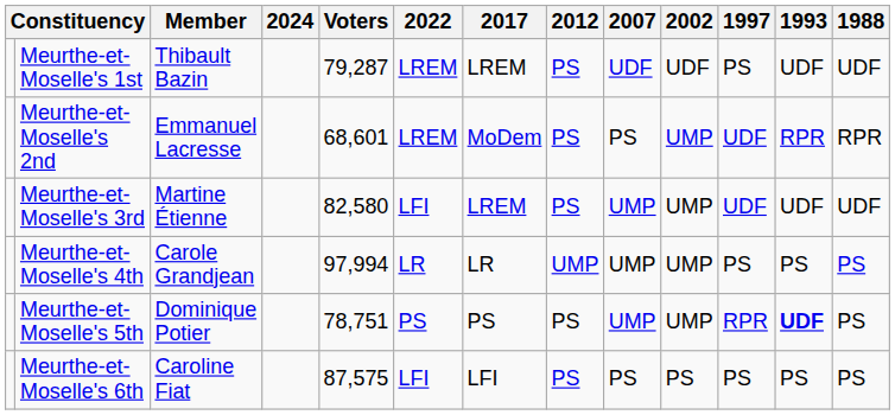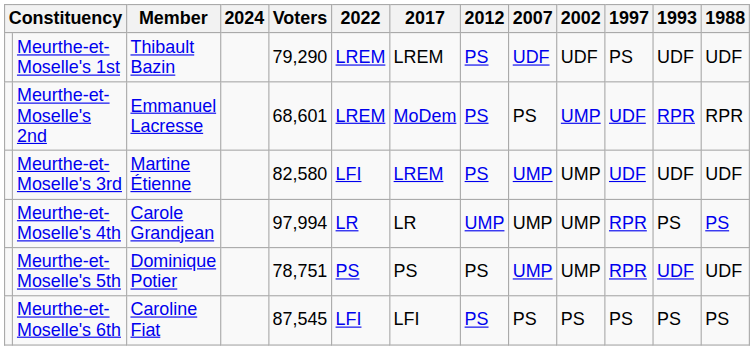 <table class="wikitable sortable">
 <tr>
 <th colspan="2">Constituency</th>
 <th>Member</th>
 <th>2024</th>
 <th>Voters</th>
 <th>2022</th>
 <th>2017</th>
 <th>2012</th>
 <th>2007</th>
 <th>2002</th>
 <th>1997</th>
 <th>1993</th>
 <th>1988</th>
 </tr>
 <tr>
 <td style="background-color: "></td>
 <td><a href='#'>Meurthe-et-Moselle's 1st</a></td>
 <td><a href='#'>Thibault Bazin</a></td>
 <td></td>
-<td>79,287</td>
+<td>79,290</td>
 <td><a href='#'>LREM</a></td>
 <td>LREM</td>
 <td><a href='#'>PS</a></td>
 <td><a href='#'>UDF</a></td>
 <td>UDF</td>
 <td>PS</td>
 <td>UDF</td>
 <td>UDF</td>
 </tr>
 <tr>
 <td style="background-color: "></td>
 <td><a href='#'>Meurthe-et-Moselle's 2nd</a></td>
 <td><a href='#'>Emmanuel Lacresse</a></td>
 <td></td>
 <td>68,601</td>
 <td><a href='#'>LREM</a></td>
 <td><a href='#'>MoDem</a></td>
 <td><a href='#'>PS</a></td>
 <td>PS</td>
 <td><a href='#'>UMP</a></td>
 <td><a href='#'>UDF</a></td>
 <td><a href='#'>RPR</a></td>
 <td>RPR</td>
 </tr>
 <tr>
 <td style="background-color: "></td>
 <td><a href='#'>Meurthe-et-Moselle's 3rd</a></td>
 <td><a href='#'>Martine Étienne</a></td>
 <td></td>
 <td>82,580</td>
 <td><a href='#'>LFI</a></td>
 <td><a href='#'>LREM</a></td>
 <td><a href='#'>PS</a></td>
 <td><a href='#'>UMP</a></td>
 <td>UMP</td>
 <td><a href='#'>UDF</a></td>
 <td>UDF</td>
 <td>UDF</td>
 </tr>
 <tr>
 <td style="background-color: "></td>
 <td><a href='#'>Meurthe-et-Moselle's 4th</a></td>
 <td><a href='#'>Carole Grandjean</a></td>
 <td></td>
 <td>97,994</td>
 <td><a href='#'>LR</a></td>
 <td>LR</td>
 <td><a href='#'>UMP</a></td>
 <td>UMP</td>
 <td>UMP</td>
-<td>PS</td>
+<td><a href='#'>RPR</a></td>
 <td>PS</td>
 <td><a href='#'>PS</a></td>
 </tr>
 <tr>
 <td style="background-color: "></td>
 <td><a href='#'>Meurthe-et-Moselle's 5th</a></td>
 <td><a href='#'>Dominique Potier</a></td>
 <td></td>
 <td>78,751</td>
 <td><a href='#'>PS</a></td>
 <td>PS</td>
 <td>PS</td>
 <td><a href='#'>UMP</a></td>
 <td>UMP</td>
 <td><a href='#'>RPR</a></td>
-<td><strong><a href='#'>UDF</a></strong></td>
-<td>PS</td>
+<td><a href='#'>UDF</a></td>
+<td>UDF</td>
 </tr>
 <tr>
 <td style="background-color: "></td>
 <td><a href='#'>Meurthe-et-Moselle's 6th</a></td>
 <td><a href='#'>Caroline Fiat</a></td>
 <td></td>
-<td>87,575</td>
+<td>87,545</td>
 <td><a href='#'>LFI</a></td>
 <td>LFI</td>
 <td><a href='#'>PS</a></td>
 <td>PS</td>
 <td>PS</td>
 <td>PS</td>
 <td>PS</td>
 <td>PS</td>
 </tr>
 </table>
